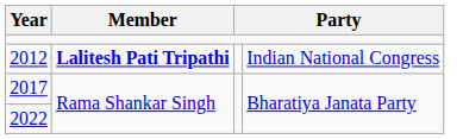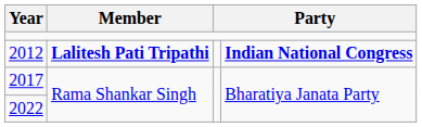 <table class="wikitable">
 <tr>
 <th>Year</th>
 <th>Member</th>
 <th colspan="2">Party</th>
 </tr>
 <tr>
 <td colspan="4"></td>
 </tr>
 <tr>
 <td><a href='#'>2012</a></td>
 <td><strong><a href='#'>Lalitesh Pati Tripathi</a></strong></td>
 <td style="background-color: "></td>
-<td><a href='#'>Indian National Congress</a></td>
+<td><strong><a href='#'>Indian National Congress</a></strong></td>
 </tr>
 <tr>
 <td><a href='#'>2017</a></td>
 <td rowspan="2"><a href='#'>Rama Shankar Singh</a></td>
 <td rowspan="2" style="background-color: "></td>
 <td rowspan="2"><a href='#'>Bharatiya Janata Party</a></td>
 </tr>
 <tr>
 <td><a href='#'>2022</a></td>
 </tr>
 </table>
